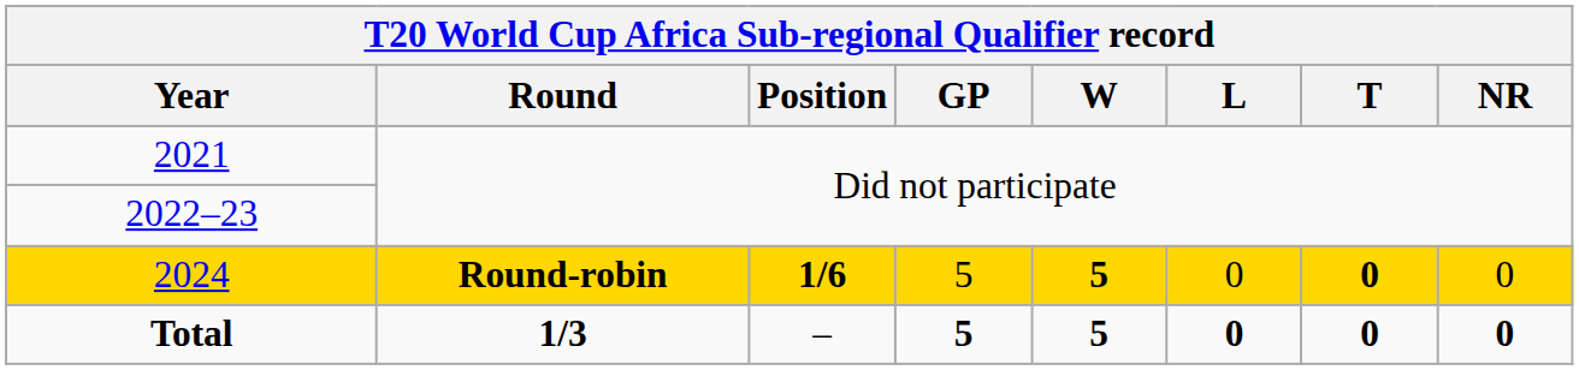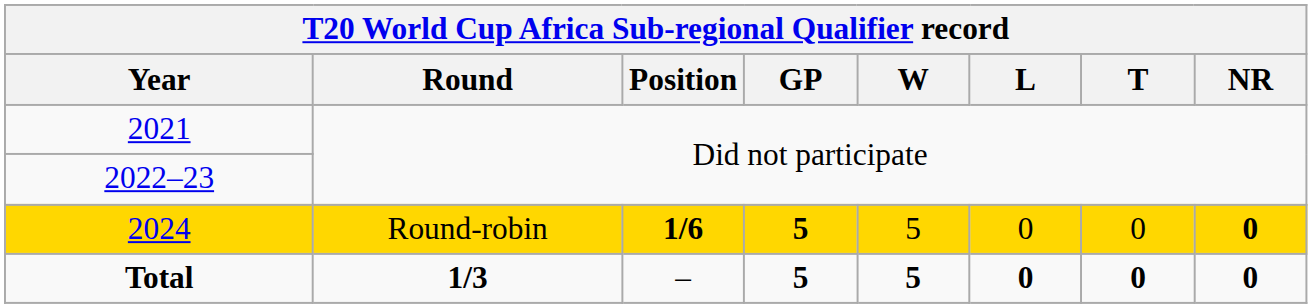 <table class="wikitable" style="text-align: center; width=900px;">
 <tr>
 <th colspan=9><a href='#'>T20 World Cup Africa Sub-regional Qualifier</a> record</th>
 </tr>
 <tr>
 <th width=150>Year</th>
 <th width=150>Round</th>
 <th width=50>Position</th>
 <th width=50>GP</th>
 <th width=50>W</th>
 <th width=50>L</th>
 <th width=50>T</th>
 <th width=50>NR</th>
 </tr>
 <tr>
 <td> <a href='#'>2021</a></td>
 <td rowspan=2 colspan=8>Did not participate</td>
 </tr>
 <tr>
 <td> <a href='#'>2022–23</a></td>
 </tr>
 <tr bgcolor=gold>
 <td> <a href='#'>2024</a></td>
-<td><strong>Round-robin</strong></td>
+<td>Round-robin</td>
 <td><strong>1/6</strong></td>
+<td><strong>5</strong></td>
 <td>5</td>
-<td><strong>5</strong></td>
+<td>0</td>
 <td>0</td>
 <td><strong>0</strong></td>
-<td>0</td>
 </tr>
 <tr>
 <td><strong>Total</strong></td>
 <td><strong>1/3</strong></td>
 <td>–</td>
 <td><strong>5</strong></td>
 <td><strong>5</strong></td>
 <td><strong>0</strong></td>
 <td><strong>0</strong></td>
 <td><strong>0</strong></td>
 </tr>
 </table>
